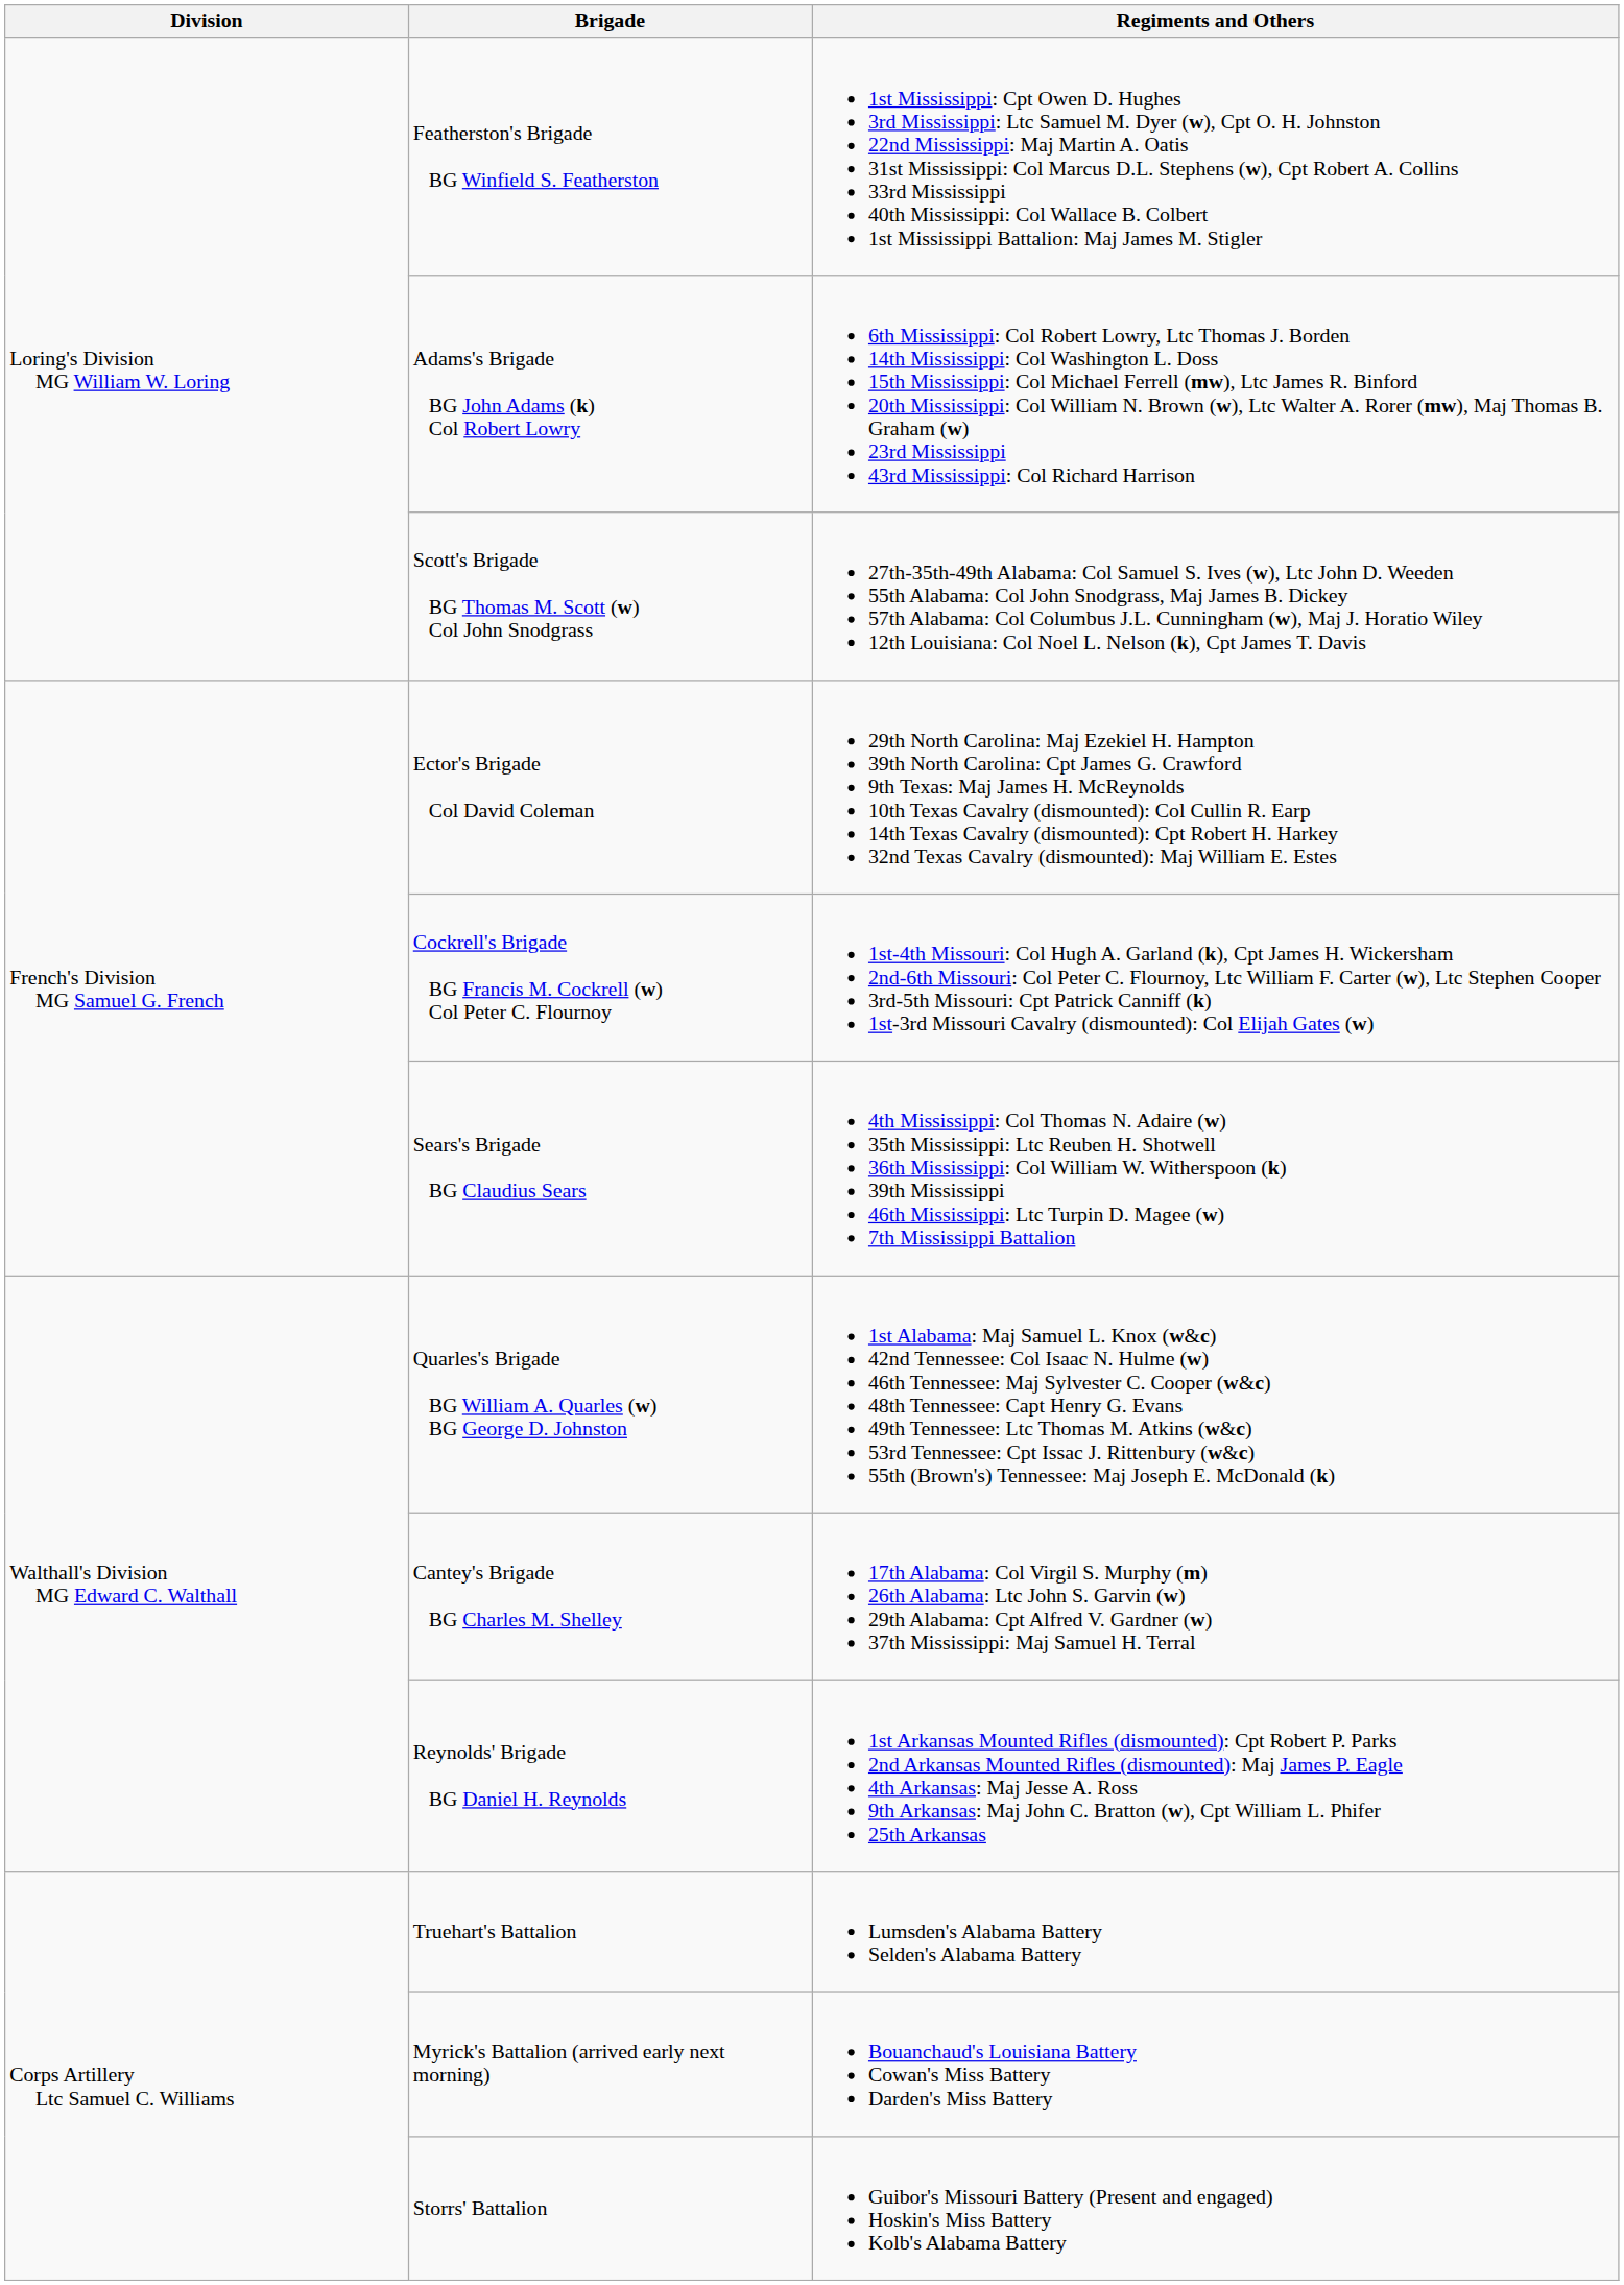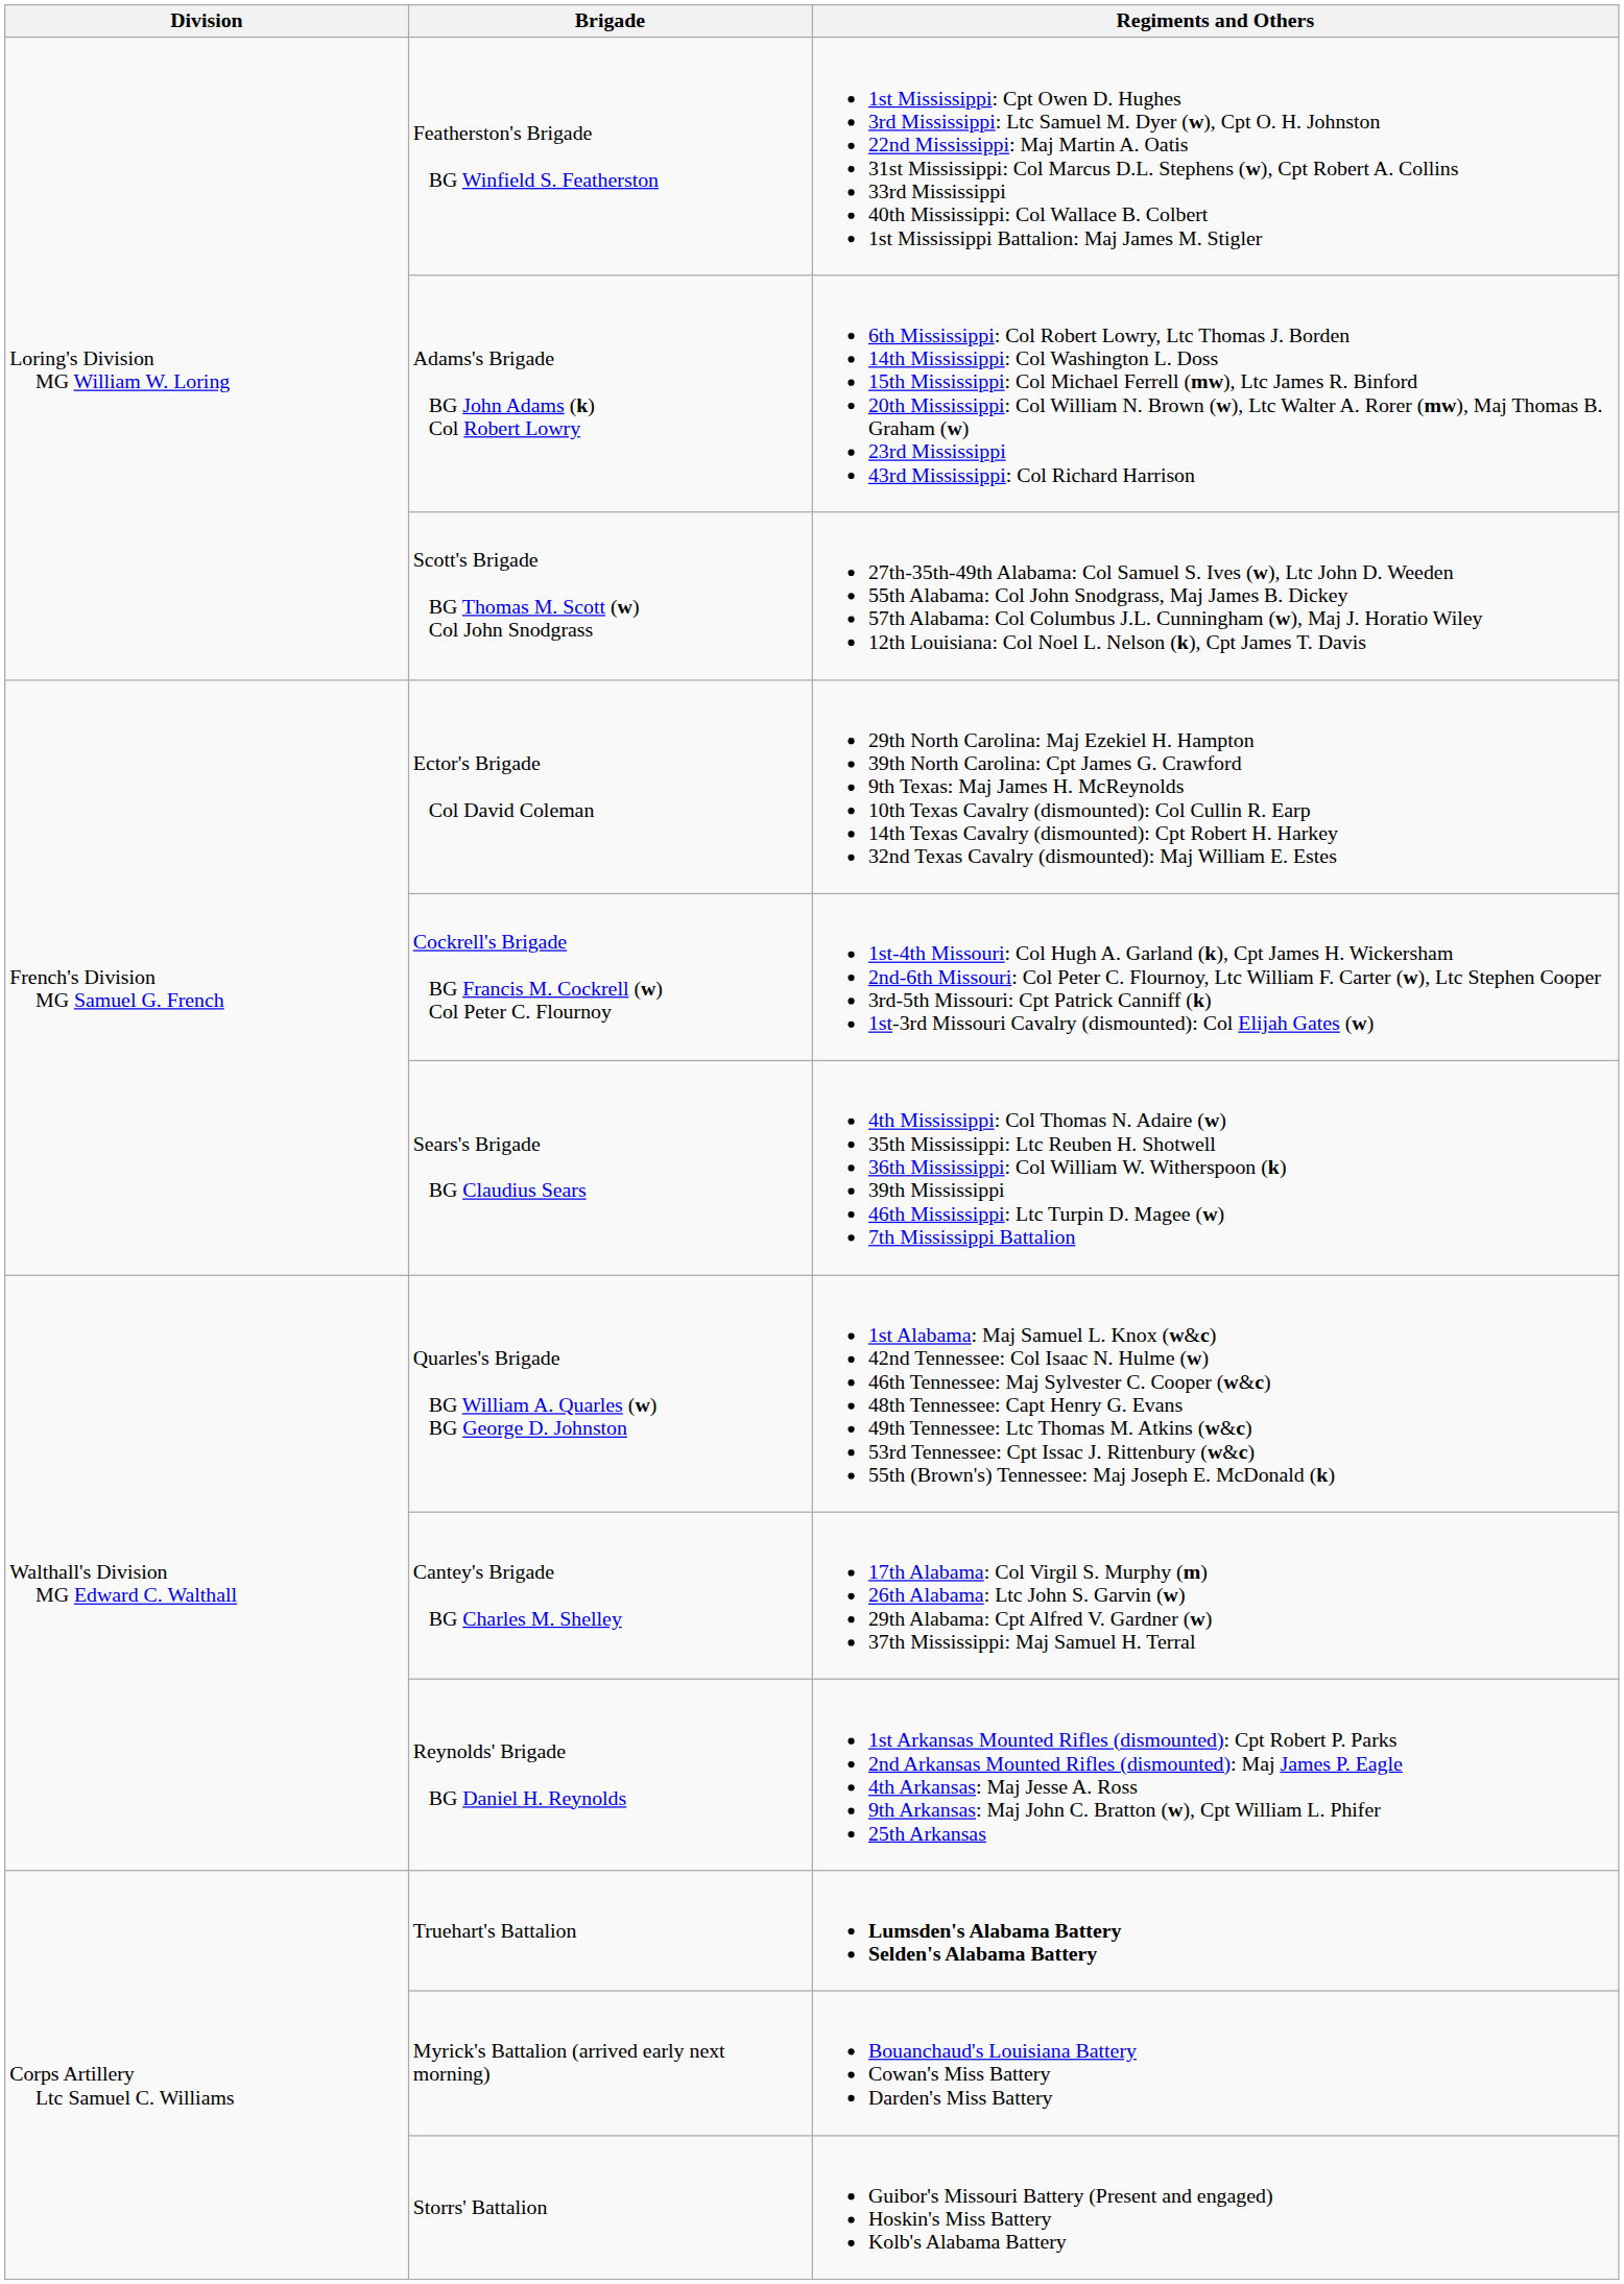 <table class="wikitable">
 <tr>
 <th width=25%>Division</th>
 <th width=25%>Brigade</th>
 <th>Regiments and Others</th>
 </tr>
 <tr>
 <td rowspan=3><br>Loring's Division <br>     MG <a href='#'>William W. Loring</a></td>
 <td>Featherston's Brigade<br><br>   BG <a href='#'>Winfield S. Featherston</a></td>
 <td><br><ul><li><a href='#'>1st Mississippi</a>: Cpt Owen D. Hughes</li><li><a href='#'>3rd Mississippi</a>: Ltc Samuel M. Dyer (<strong>w</strong>), Cpt O. H. Johnston</li><li><a href='#'>22nd Mississippi</a>: Maj Martin A. Oatis</li><li>31st Mississippi: Col Marcus D.L. Stephens (<strong>w</strong>), Cpt Robert A. Collins</li><li>33rd Mississippi</li><li>40th Mississippi: Col Wallace B. Colbert</li><li>1st Mississippi Battalion: Maj James M. Stigler</li></ul></td>
 </tr>
 <tr>
 <td>Adams's Brigade<br><br>   BG <a href='#'>John Adams</a> (<strong>k</strong>) <br>   Col <a href='#'>Robert Lowry</a></td>
 <td><br><ul><li><a href='#'>6th Mississippi</a>: Col Robert Lowry, Ltc Thomas J. Borden</li><li><a href='#'>14th Mississippi</a>: Col Washington L. Doss</li><li><a href='#'>15th Mississippi</a>: Col Michael Ferrell (<strong>mw</strong>), Ltc James R. Binford</li><li><a href='#'>20th Mississippi</a>: Col William N. Brown (<strong>w</strong>), Ltc Walter A. Rorer (<strong>mw</strong>), Maj Thomas B. Graham (<strong>w</strong>)</li><li><a href='#'>23rd Mississippi</a></li><li><a href='#'>43rd Mississippi</a>: Col Richard Harrison</li></ul></td>
 </tr>
 <tr>
 <td>Scott's Brigade<br><br>   BG <a href='#'>Thomas M. Scott</a> (<strong>w</strong>) <br>   Col John Snodgrass</td>
 <td><br><ul><li>27th-35th-49th Alabama: Col Samuel S. Ives (<strong>w</strong>), Ltc John D. Weeden</li><li>55th Alabama: Col John Snodgrass, Maj James B. Dickey</li><li>57th Alabama: Col Columbus J.L. Cunningham (<strong>w</strong>), Maj J. Horatio Wiley</li><li>12th Louisiana: Col Noel L. Nelson (<strong>k</strong>), Cpt James T. Davis</li></ul></td>
 </tr>
 <tr>
 <td rowspan=3><br>French's Division <br>     MG <a href='#'>Samuel G. French</a></td>
 <td>Ector's Brigade<br><br>   Col David Coleman</td>
 <td><br><ul><li>29th North Carolina: Maj Ezekiel H. Hampton</li><li>39th North Carolina: Cpt James G. Crawford</li><li>9th Texas: Maj James H. McReynolds</li><li>10th Texas Cavalry (dismounted): Col Cullin R. Earp</li><li>14th Texas Cavalry (dismounted): Cpt Robert H. Harkey</li><li>32nd Texas Cavalry (dismounted): Maj William E. Estes</li></ul></td>
 </tr>
 <tr>
 <td><a href='#'>Cockrell's Brigade</a><br><br>   BG <a href='#'>Francis M. Cockrell</a> (<strong>w</strong>) <br>   Col Peter C. Flournoy</td>
 <td><br><ul><li><a href='#'>1st-4th Missouri</a>: Col Hugh A. Garland (<strong>k</strong>), Cpt James H. Wickersham</li><li><a href='#'>2nd-6th Missouri</a>: Col Peter C. Flournoy, Ltc William F. Carter (<strong>w</strong>), Ltc Stephen Cooper</li><li>3rd-5th Missouri: Cpt Patrick Canniff (<strong>k</strong>)</li><li><a href='#'>1st</a>-3rd Missouri Cavalry (dismounted): Col <a href='#'>Elijah Gates</a> (<strong>w</strong>)</li></ul></td>
 </tr>
 <tr>
 <td>Sears's Brigade<br><br>   BG <a href='#'>Claudius Sears</a></td>
 <td><br><ul><li><a href='#'>4th Mississippi</a>: Col Thomas N. Adaire (<strong>w</strong>)</li><li>35th Mississippi: Ltc Reuben H. Shotwell</li><li><a href='#'>36th Mississippi</a>: Col William W. Witherspoon (<strong>k</strong>)</li><li>39th Mississippi</li><li><a href='#'>46th Mississippi</a>: Ltc Turpin D. Magee (<strong>w</strong>)</li><li><a href='#'>7th Mississippi Battalion</a></li></ul></td>
 </tr>
 <tr>
 <td rowspan=3><br>Walthall's Division <br>     MG <a href='#'>Edward C. Walthall</a></td>
 <td>Quarles's Brigade<br><br>   BG <a href='#'>William A. Quarles</a> (<strong>w</strong>) <br>   BG <a href='#'>George D. Johnston</a></td>
 <td><br><ul><li><a href='#'>1st Alabama</a>: Maj Samuel L. Knox (<strong>w</strong>&<strong>c</strong>)</li><li>42nd Tennessee: Col Isaac N. Hulme (<strong>w</strong>)</li><li>46th Tennessee: Maj Sylvester C. Cooper (<strong>w</strong>&<strong>c</strong>)</li><li>48th Tennessee: Capt Henry G. Evans</li><li>49th Tennessee: Ltc Thomas M. Atkins (<strong>w</strong>&<strong>c</strong>)</li><li>53rd Tennessee: Cpt Issac J. Rittenbury (<strong>w</strong>&<strong>c</strong>)</li><li>55th (Brown's) Tennessee: Maj Joseph E. McDonald (<strong>k</strong>)</li></ul></td>
 </tr>
 <tr>
 <td>Cantey's Brigade<br><br>   BG <a href='#'>Charles M. Shelley</a></td>
 <td><br><ul><li><a href='#'>17th Alabama</a>: Col Virgil S. Murphy (<strong>m</strong>)</li><li><a href='#'>26th Alabama</a>: Ltc John S. Garvin (<strong>w</strong>)</li><li>29th Alabama: Cpt Alfred V. Gardner (<strong>w</strong>)</li><li>37th Mississippi: Maj Samuel H. Terral</li></ul></td>
 </tr>
 <tr>
 <td>Reynolds' Brigade<br><br>   BG <a href='#'>Daniel H. Reynolds</a></td>
 <td><br><ul><li><a href='#'>1st Arkansas Mounted Rifles (dismounted)</a>: Cpt Robert P. Parks</li><li><a href='#'>2nd Arkansas Mounted Rifles (dismounted)</a>: Maj <a href='#'>James P. Eagle</a></li><li><a href='#'>4th Arkansas</a>: Maj Jesse A. Ross</li><li><a href='#'>9th Arkansas</a>: Maj John C. Bratton (<strong>w</strong>), Cpt William L. Phifer</li><li><a href='#'>25th Arkansas</a></li></ul></td>
 </tr>
 <tr>
 <td rowspan=3><br>Corps Artillery <br>     Ltc Samuel C. Williams</td>
 <td>Truehart's Battalion</td>
-<td><br><ul><li>Lumsden's Alabama Battery</li><li>Selden's Alabama Battery</li></ul></td>
+<td><strong><br><ul><li>Lumsden's Alabama Battery</li><li>Selden's Alabama Battery</li></ul></strong></td>
 </tr>
 <tr>
 <td>Myrick's Battalion (arrived early next morning)</td>
 <td><br><ul><li><a href='#'>Bouanchaud's Louisiana Battery</a></li><li>Cowan's Miss Battery</li><li>Darden's Miss Battery</li></ul></td>
 </tr>
 <tr>
 <td>Storrs' Battalion</td>
 <td><br><ul><li>Guibor's Missouri Battery (Present and engaged)</li><li>Hoskin's Miss Battery</li><li>Kolb's Alabama Battery</li></ul></td>
 </tr>
 </table>
